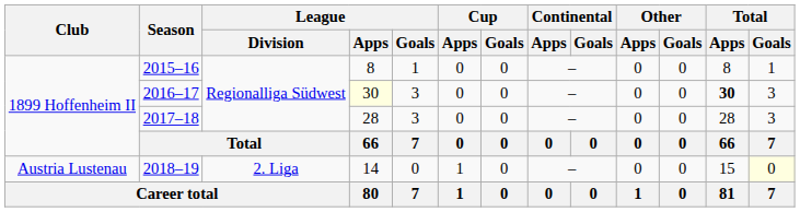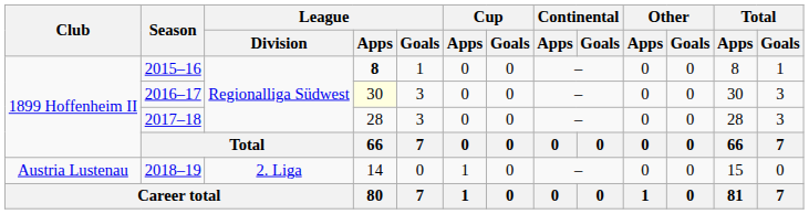 <table class="wikitable" style="text-align:center">
 <tr>
 <th rowspan="2">Club</th>
 <th rowspan="2">Season</th>
 <th colspan="3">League</th>
 <th colspan="2">Cup</th>
 <th colspan="2">Continental</th>
 <th colspan="2">Other</th>
 <th colspan="2">Total</th>
 </tr>
 <tr>
 <th>Division</th>
 <th>Apps</th>
 <th>Goals</th>
 <th>Apps</th>
 <th>Goals</th>
 <th>Apps</th>
 <th>Goals</th>
 <th>Apps</th>
 <th>Goals</th>
 <th>Apps</th>
 <th>Goals</th>
 </tr>
 <tr>
 <td rowspan="4"><a href='#'>1899 Hoffenheim II</a></td>
 <td><a href='#'>2015–16</a></td>
 <td rowspan="3"><a href='#'>Regionalliga Südwest</a></td>
-<td>8</td>
+<td><strong>8</strong></td>
 <td>1</td>
 <td>0</td>
 <td>0</td>
 <td colspan="2">–</td>
 <td>0</td>
 <td>0</td>
 <td>8</td>
 <td>1</td>
 </tr>
 <tr>
 <td><a href='#'>2016–17</a></td>
 <td style="background: lightyellow;">30</td>
 <td>3</td>
 <td>0</td>
 <td>0</td>
 <td colspan="2">–</td>
 <td>0</td>
 <td>0</td>
-<td><strong>30</strong></td>
+<td>30</td>
 <td>3</td>
 </tr>
 <tr>
 <td><a href='#'>2017–18</a></td>
 <td>28</td>
 <td>3</td>
 <td>0</td>
 <td>0</td>
 <td colspan="2">–</td>
 <td>0</td>
 <td>0</td>
 <td>28</td>
 <td>3</td>
 </tr>
 <tr>
 <th colspan="2">Total</th>
 <th>66</th>
 <th>7</th>
 <th>0</th>
 <th>0</th>
 <th>0</th>
 <th>0</th>
 <th>0</th>
 <th>0</th>
 <th>66</th>
 <th>7</th>
 </tr>
 <tr>
 <td><a href='#'>Austria Lustenau</a></td>
 <td><a href='#'>2018–19</a></td>
 <td><a href='#'>2. Liga</a></td>
 <td>14</td>
 <td>0</td>
 <td>1</td>
 <td>0</td>
 <td colspan="2">–</td>
 <td>0</td>
 <td>0</td>
 <td>15</td>
-<td style="background: lightyellow;">0</td>
+<td>0</td>
 </tr>
 <tr>
 <th colspan="3">Career total</th>
 <th>80</th>
 <th>7</th>
 <th>1</th>
 <th>0</th>
 <th>0</th>
 <th>0</th>
 <th>1</th>
 <th>0</th>
 <th>81</th>
 <th>7</th>
 </tr>
 </table>
